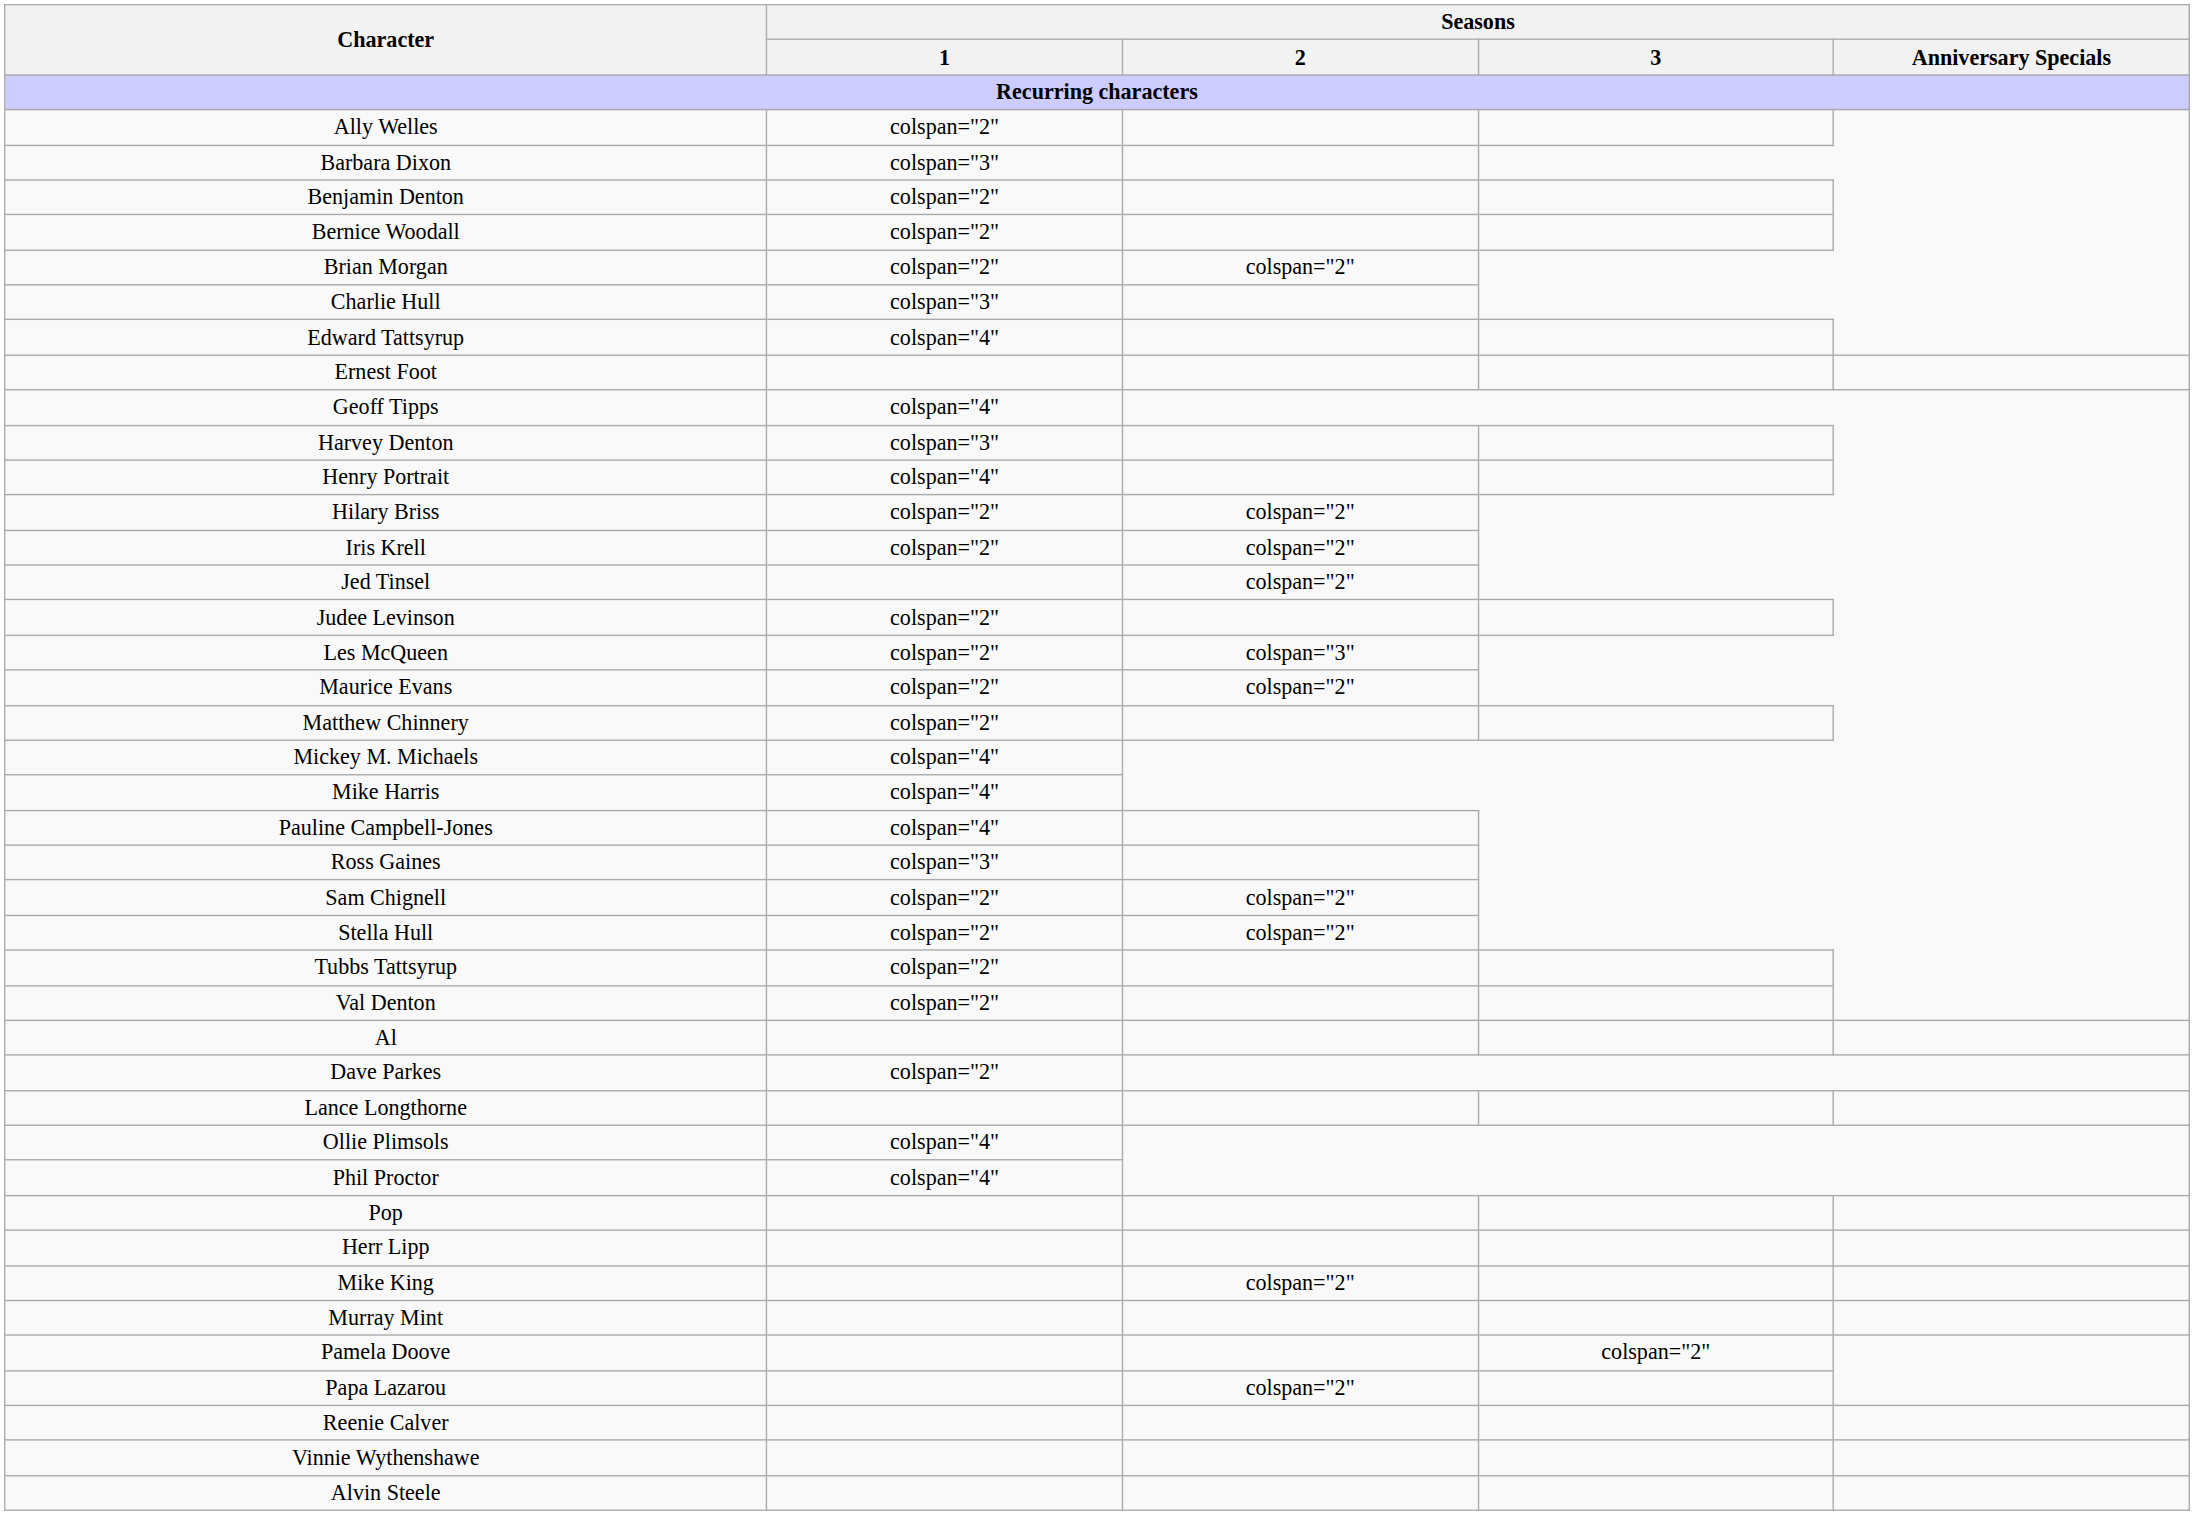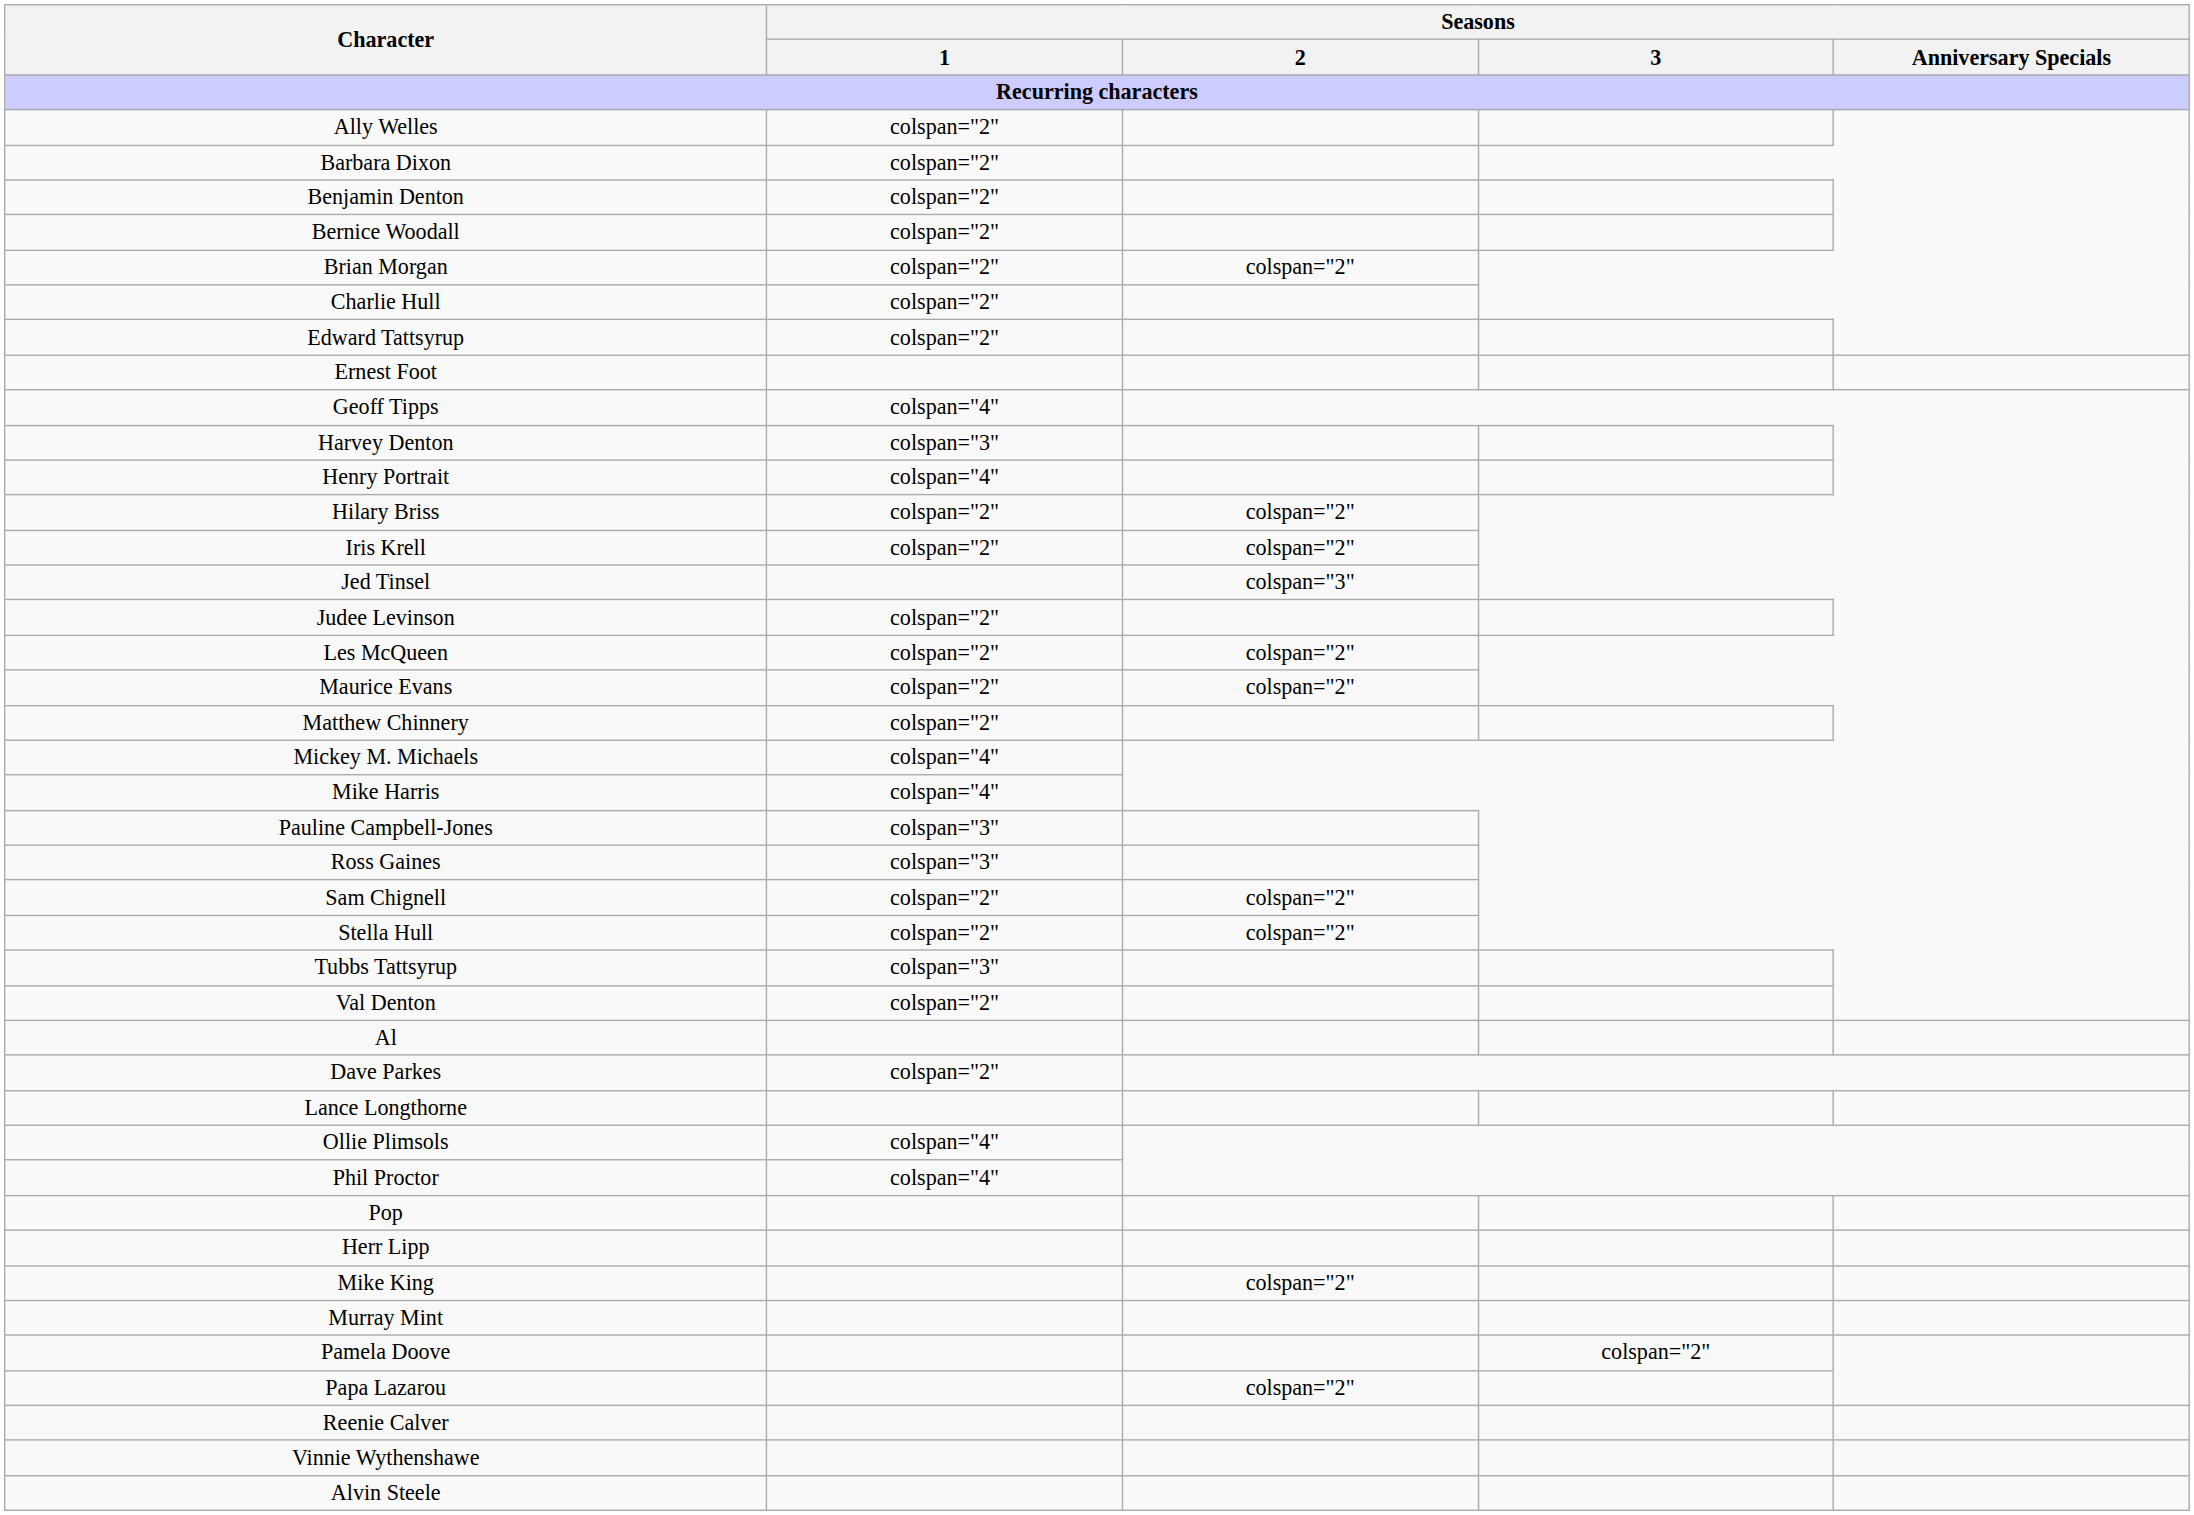 <table class="wikitable plainrowheaders" style="text-align:center; width:100%">
 <tr>
 <th scope="col" rowspan="2" style="width:15%;">Character</th>
 <th scope="col" colspan="4" style="width:35%;">Seasons</th>
 </tr>
 <tr>
 <th scope="col" style="width:7%;">1</th>
 <th scope="col" style="width:7%;">2</th>
 <th scope="col" style="width:7%;">3</th>
 <th scope="col" style="width:7%;">Anniversary Specials</th>
 </tr>
 <tr>
 <td scope="row" colspan="8" style="background-color:#ccccff;"><strong>Recurring characters</strong></td>
 </tr>
 <tr>
 <td>Ally Welles</td>
 <td>colspan="2" </td>
 <td></td>
 <td></td>
 </tr>
 <tr>
 <td>Barbara Dixon</td>
-<td>colspan="3" </td>
+<td>colspan="2" </td>
 <td></td>
 </tr>
 <tr>
 <td>Benjamin Denton</td>
 <td>colspan="2" </td>
 <td></td>
 <td></td>
 </tr>
 <tr>
 <td>Bernice Woodall</td>
 <td>colspan="2" </td>
 <td></td>
 <td></td>
 </tr>
 <tr>
 <td>Brian Morgan</td>
 <td>colspan="2" </td>
 <td>colspan="2" </td>
 </tr>
 <tr>
 <td>Charlie Hull</td>
-<td>colspan="3" </td>
+<td>colspan="2" </td>
 <td></td>
 </tr>
 <tr>
 <td>Edward Tattsyrup</td>
-<td>colspan="4" </td>
+<td>colspan="2" </td>
 <td></td>
 <td></td>
 </tr>
 <tr>
 <td>Ernest Foot</td>
 <td></td>
 <td></td>
 <td></td>
 <td></td>
 </tr>
 <tr>
 <td>Geoff Tipps</td>
 <td>colspan="4" </td>
 </tr>
 <tr>
 <td>Harvey Denton</td>
 <td>colspan="3" </td>
 <td></td>
 <td></td>
 </tr>
 <tr>
 <td>Henry Portrait</td>
 <td>colspan="4" </td>
 <td></td>
 <td></td>
 </tr>
 <tr>
 <td>Hilary Briss</td>
 <td>colspan="2" </td>
 <td>colspan="2" </td>
 </tr>
 <tr>
 <td>Iris Krell</td>
 <td>colspan="2" </td>
 <td>colspan="2" </td>
 </tr>
 <tr>
 <td>Jed Tinsel</td>
 <td></td>
-<td>colspan="2" </td>
+<td>colspan="3" </td>
 </tr>
 <tr>
 <td>Judee Levinson</td>
 <td>colspan="2" </td>
 <td></td>
 <td></td>
 </tr>
 <tr>
 <td>Les McQueen</td>
 <td>colspan="2" </td>
-<td>colspan="3" </td>
+<td>colspan="2" </td>
 </tr>
 <tr>
 <td>Maurice Evans</td>
 <td>colspan="2" </td>
 <td>colspan="2" </td>
 </tr>
 <tr>
 <td>Matthew Chinnery</td>
 <td>colspan="2" </td>
 <td></td>
 <td></td>
 </tr>
 <tr>
 <td>Mickey M. Michaels</td>
 <td>colspan="4" </td>
 </tr>
 <tr>
 <td>Mike Harris</td>
 <td>colspan="4" </td>
 </tr>
 <tr>
 <td>Pauline Campbell-Jones</td>
-<td>colspan="4" </td>
+<td>colspan="3" </td>
 <td></td>
 </tr>
 <tr>
 <td>Ross Gaines</td>
 <td>colspan="3" </td>
 <td></td>
 </tr>
 <tr>
 <td>Sam Chignell</td>
 <td>colspan="2" </td>
 <td>colspan="2" </td>
 </tr>
 <tr>
 <td>Stella Hull</td>
 <td>colspan="2" </td>
 <td>colspan="2" </td>
 </tr>
 <tr>
 <td>Tubbs Tattsyrup</td>
-<td>colspan="2" </td>
+<td>colspan="3" </td>
 <td></td>
 <td></td>
 </tr>
 <tr>
 <td>Val Denton</td>
 <td>colspan="2" </td>
 <td></td>
 <td></td>
 </tr>
 <tr>
 <td>Al</td>
 <td></td>
 <td></td>
 <td></td>
 <td></td>
 </tr>
 <tr>
 <td>Dave Parkes</td>
 <td>colspan="2" </td>
 </tr>
 <tr>
 <td>Lance Longthorne</td>
 <td></td>
 <td></td>
 <td></td>
 <td></td>
 </tr>
 <tr>
 <td>Ollie Plimsols</td>
 <td>colspan="4" </td>
 </tr>
 <tr>
 <td>Phil Proctor</td>
 <td>colspan="4" </td>
 </tr>
 <tr>
 <td>Pop</td>
 <td></td>
 <td></td>
 <td></td>
 <td></td>
 </tr>
 <tr>
 <td>Herr Lipp</td>
 <td></td>
 <td></td>
 <td></td>
 <td></td>
 </tr>
 <tr>
 <td>Mike King</td>
 <td></td>
 <td>colspan="2" </td>
 <td></td>
 </tr>
 <tr>
 <td>Murray Mint</td>
 <td></td>
 <td></td>
 <td></td>
 <td></td>
 </tr>
 <tr>
 <td>Pamela Doove</td>
 <td></td>
 <td></td>
 <td>colspan="2" </td>
 </tr>
 <tr>
 <td>Papa Lazarou</td>
 <td></td>
 <td>colspan="2" </td>
 <td></td>
 </tr>
 <tr>
 <td>Reenie Calver</td>
 <td></td>
 <td></td>
 <td></td>
 <td></td>
 </tr>
 <tr>
 <td>Vinnie Wythenshawe</td>
 <td></td>
 <td></td>
 <td></td>
 <td></td>
 </tr>
 <tr>
 <td>Alvin Steele</td>
 <td></td>
 <td></td>
 <td></td>
 <td></td>
 </tr>
 </table>
